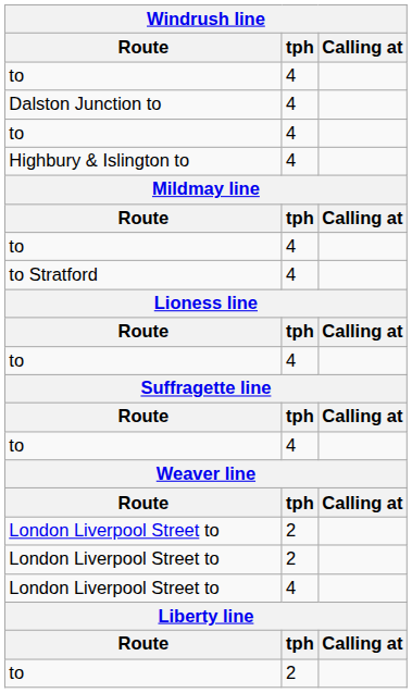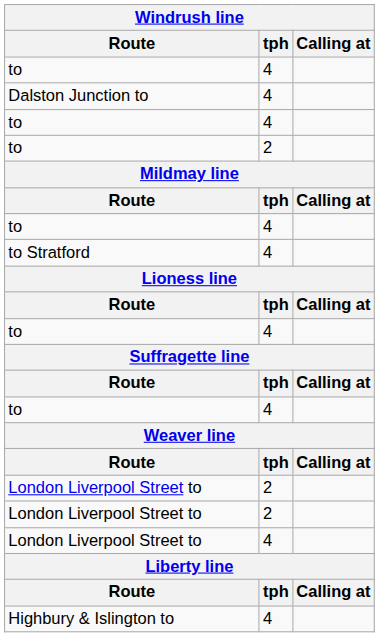 <table class="wikitable">
 <tr>
 <th colspan="3" style="border-color:#"><a href='#'>Windrush line</a></th>
 </tr>
 <tr>
 <th width=240>Route</th>
 <th>tph</th>
 <th>Calling at</th>
 </tr>
 <tr>
 <td> to </td>
 <td>4</td>
 <td></td>
 </tr>
 <tr>
 <td>Dalston Junction to </td>
 <td>4</td>
 <td></td>
 </tr>
 <tr>
 <td> to </td>
 <td>4</td>
 <td></td>
 </tr>
 <tr>
-<td>Highbury & Islington to </td>
-<td>4</td>
+<td> to </td>
+<td>2</td>
 <td></td>
 </tr>
 <tr>
 <th colspan="3" style="border-color:#"><a href='#'>Mildmay line</a></th>
 </tr>
 <tr>
 <th>Route</th>
 <th>tph</th>
 <th>Calling at</th>
 </tr>
 <tr>
 <td> to </td>
 <td>4</td>
 <td></td>
 </tr>
 <tr>
 <td> to Stratford</td>
 <td>4</td>
 <td></td>
 </tr>
 <tr>
 <th colspan="3" style="border-color:#"><a href='#'>Lioness line</a></th>
 </tr>
 <tr>
 <th>Route</th>
 <th>tph</th>
 <th>Calling at</th>
 </tr>
 <tr>
 <td> to </td>
 <td>4</td>
 <td></td>
 </tr>
 <tr>
 <th colspan="3" style="border-color:#"><a href='#'>Suffragette line</a></th>
 </tr>
 <tr>
 <th>Route</th>
 <th>tph</th>
 <th>Calling at</th>
 </tr>
 <tr>
 <td> to </td>
 <td>4</td>
 <td></td>
 </tr>
 <tr>
 <th colspan="3" style="border-color:#"><a href='#'>Weaver line</a></th>
 </tr>
 <tr>
 <th>Route</th>
 <th>tph</th>
 <th>Calling at</th>
 </tr>
 <tr>
 <td><a href='#'>London Liverpool Street</a> to </td>
 <td>2</td>
 <td></td>
 </tr>
 <tr>
 <td>London Liverpool Street to </td>
 <td>2</td>
 <td></td>
 </tr>
 <tr>
 <td>London Liverpool Street to </td>
 <td>4</td>
 <td></td>
 </tr>
 <tr>
 <th colspan="3" style="border-color:#"><a href='#'>Liberty line</a></th>
 </tr>
 <tr>
 <th>Route</th>
 <th>tph</th>
 <th>Calling at</th>
 </tr>
 <tr>
-<td> to </td>
-<td>2</td>
+<td>Highbury & Islington to </td>
+<td>4</td>
 <td></td>
 </tr>
 </table>
